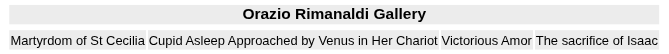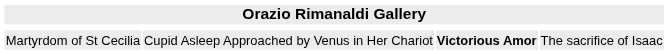 <table align=center>
 <tr>
 <th colspan="5" style="background:#ECECEC; "><strong>Orazio Rimanaldi Gallery</strong></th>
 </tr>
 <tr>
 <td></td>
 <td></td>
 <td></td>
 <td></td>
 </tr>
 <tr>
 <td style="background:#ECECEC; text-align: center;"><small>Martyrdom of St Cecilia<br></small></td>
 <td style="background:#ECECEC; text-align: center;"><small>Cupid Asleep Approached by Venus in Her Chariot<br></small></td>
-<td style="background:#ECECEC; text-align: center;"><small>Victorious Amor<br></small></td>
+<td style="background:#ECECEC; text-align: center;"><strong><small>Victorious Amor<br></small></strong></td>
 <td style="background:#ECECEC; text-align: center;"><small>The sacrifice of Isaac<br></small></td>
 </tr>
 </table>
